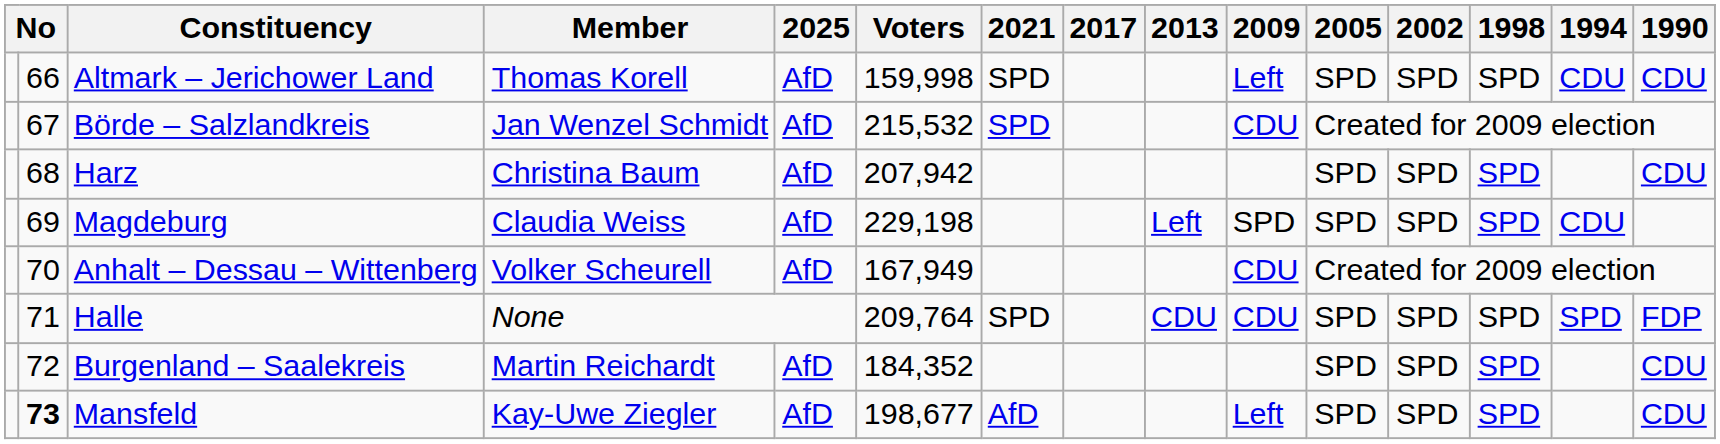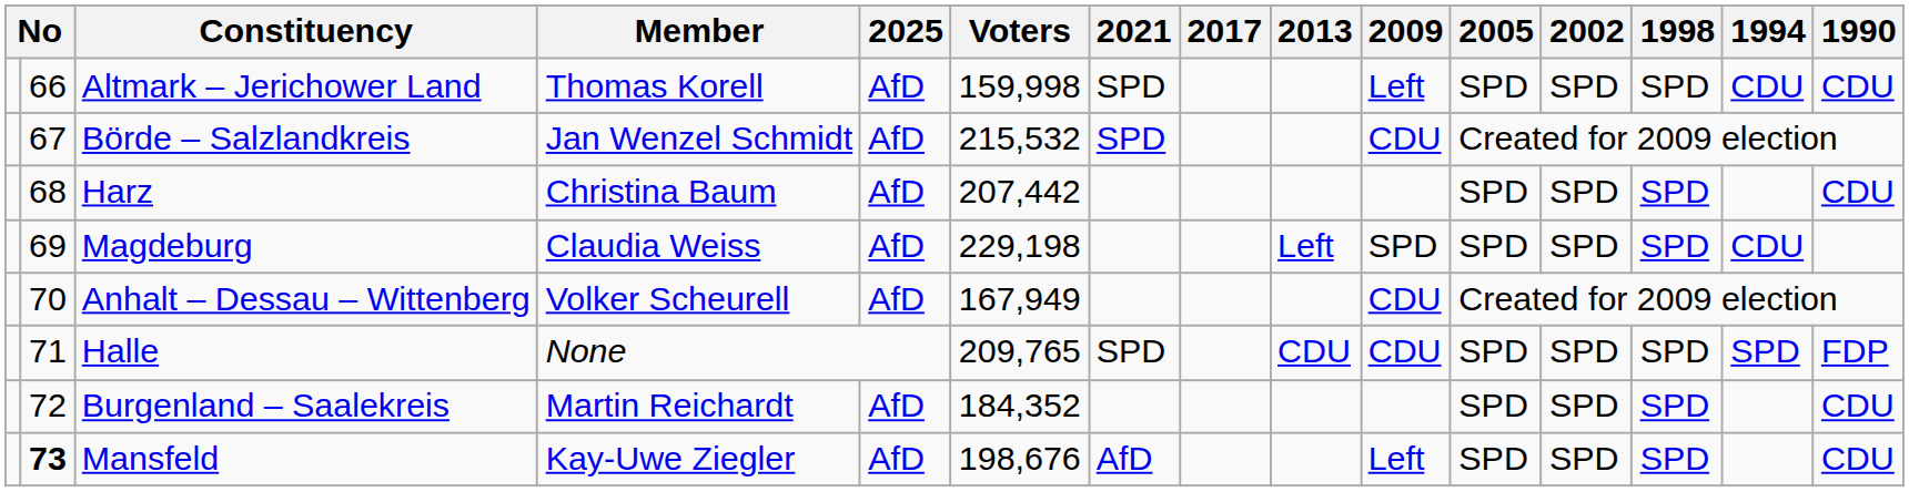 <table class="wikitable sortable">
 <tr>
 <th colspan=2>No</th>
 <th>Constituency</th>
 <th>Member</th>
 <th>2025</th>
 <th>Voters</th>
 <th>2021</th>
 <th>2017</th>
 <th>2013</th>
 <th>2009</th>
 <th>2005</th>
 <th>2002</th>
 <th>1998</th>
 <th>1994</th>
 <th>1990</th>
 </tr>
 <tr>
 <td style="background-color: "></td>
 <td>66</td>
 <td><a href='#'>Altmark – Jerichower Land</a></td>
 <td><a href='#'>Thomas Korell</a></td>
 <td><a href='#'>AfD</a></td>
 <td>159,998</td>
 <td bgcolor=>SPD</td>
 <td></td>
 <td></td>
 <td><a href='#'>Left</a></td>
 <td bgcolor=>SPD</td>
 <td bgcolor=>SPD</td>
 <td bgcolor=>SPD</td>
 <td><a href='#'>CDU</a></td>
 <td><a href='#'>CDU</a></td>
 </tr>
 <tr>
 <td style="background-color: "></td>
 <td>67</td>
 <td><a href='#'>Börde – Salzlandkreis</a></td>
 <td><a href='#'>Jan Wenzel Schmidt</a></td>
 <td><a href='#'>AfD</a></td>
 <td>215,532</td>
 <td><a href='#'>SPD</a></td>
 <td></td>
 <td></td>
 <td><a href='#'>CDU</a></td>
 <td colspan=5>Created for 2009 election</td>
 </tr>
 <tr>
 <td style="background-color: "></td>
 <td>68</td>
 <td><a href='#'>Harz</a></td>
 <td><a href='#'>Christina Baum</a></td>
 <td><a href='#'>AfD</a></td>
-<td>207,942</td>
+<td>207,442</td>
 <td></td>
 <td></td>
 <td></td>
 <td></td>
 <td bgcolor=>SPD</td>
 <td bgcolor=>SPD</td>
 <td><a href='#'>SPD</a></td>
 <td></td>
 <td><a href='#'>CDU</a></td>
 </tr>
 <tr>
 <td style="background-color: "></td>
 <td>69</td>
 <td><a href='#'>Magdeburg</a></td>
 <td><a href='#'>Claudia Weiss</a></td>
 <td><a href='#'>AfD</a></td>
 <td>229,198</td>
 <td></td>
 <td></td>
 <td><a href='#'>Left</a></td>
 <td bgcolor=>SPD</td>
 <td bgcolor=>SPD</td>
 <td bgcolor=>SPD</td>
 <td><a href='#'>SPD</a></td>
 <td><a href='#'>CDU</a></td>
 </tr>
 <tr>
 <td style="background-color: "></td>
 <td>70</td>
 <td><a href='#'>Anhalt – Dessau – Wittenberg</a></td>
 <td><a href='#'>Volker Scheurell</a></td>
 <td><a href='#'>AfD</a></td>
 <td>167,949</td>
 <td></td>
 <td></td>
 <td></td>
 <td><a href='#'>CDU</a></td>
 <td colspan=5>Created for 2009 election</td>
 </tr>
 <tr>
 <td></td>
 <td>71</td>
 <td><a href='#'>Halle</a></td>
 <td colspan="2"><em>None</em></td>
-<td>209,764</td>
+<td>209,765</td>
 <td bgcolor=>SPD</td>
 <td></td>
 <td><a href='#'>CDU</a></td>
 <td><a href='#'>CDU</a></td>
 <td bgcolor=>SPD</td>
 <td bgcolor=>SPD</td>
 <td bgcolor=>SPD</td>
 <td><a href='#'>SPD</a></td>
 <td><a href='#'>FDP</a></td>
 </tr>
 <tr>
 <td style="background-color: "></td>
 <td>72</td>
 <td><a href='#'>Burgenland – Saalekreis</a></td>
 <td><a href='#'>Martin Reichardt</a></td>
 <td><a href='#'>AfD</a></td>
 <td>184,352</td>
 <td></td>
 <td></td>
 <td></td>
 <td></td>
 <td bgcolor=>SPD</td>
 <td bgcolor=>SPD</td>
 <td><a href='#'>SPD</a></td>
 <td></td>
 <td><a href='#'>CDU</a></td>
 </tr>
 <tr>
 <td style="background-color: "></td>
 <td><strong>73</strong></td>
 <td><a href='#'>Mansfeld</a></td>
 <td><a href='#'>Kay-Uwe Ziegler</a></td>
 <td><a href='#'>AfD</a></td>
-<td>198,677</td>
+<td>198,676</td>
 <td><a href='#'>AfD</a></td>
 <td></td>
 <td></td>
 <td><a href='#'>Left</a></td>
 <td bgcolor=>SPD</td>
 <td bgcolor=>SPD</td>
 <td><a href='#'>SPD</a></td>
 <td></td>
 <td><a href='#'>CDU</a></td>
 </tr>
 </table>
